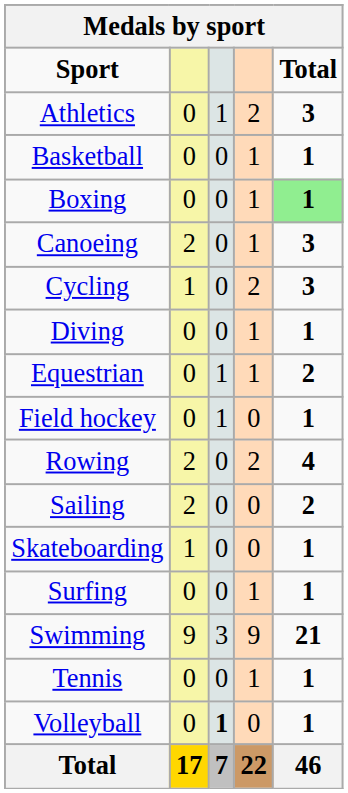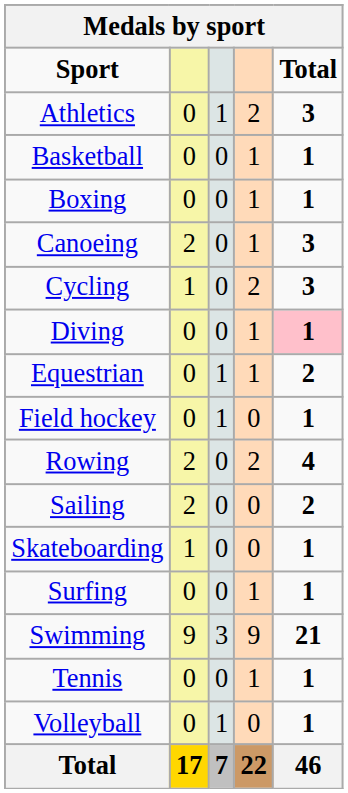 <table class="wikitable" style="font-size:85%">
 <tr style="background:#efefef;">
 <th colspan=7><strong>Medals by sport</strong></th>
 </tr>
 <tr align=center>
 <td><strong>Sport</strong></td>
 <td bgcolor=#f7f6a8></td>
 <td bgcolor=#dce5e5></td>
 <td bgcolor=#ffdab9></td>
 <td><strong>Total</strong></td>
 </tr>
 <tr align=center>
 <td><a href='#'>Athletics</a></td>
 <td style="background:#F7F6A8;">0</td>
 <td style="background:#DCE5E5;">1</td>
 <td style="background:#FFDAB9;">2</td>
 <td><strong>3</strong></td>
 </tr>
 <tr align=center>
 <td><a href='#'>Basketball</a></td>
 <td style="background:#F7F6A8;">0</td>
 <td style="background:#DCE5E5;">0</td>
 <td style="background:#FFDAB9;">1</td>
 <td><strong>1</strong></td>
 </tr>
 <tr align=center>
 <td><a href='#'>Boxing</a></td>
 <td style="background:#F7F6A8;">0</td>
 <td style="background:#DCE5E5;">0</td>
 <td style="background:#FFDAB9;">1</td>
-<td style="background: lightgreen;"><strong>1</strong></td>
+<td><strong>1</strong></td>
 </tr>
 <tr align=center>
 <td><a href='#'>Canoeing</a></td>
 <td style="background:#F7F6A8;">2</td>
 <td style="background:#DCE5E5;">0</td>
 <td style="background:#FFDAB9;">1</td>
 <td><strong>3</strong></td>
 </tr>
 <tr align=center>
 <td><a href='#'>Cycling</a></td>
 <td style="background:#F7F6A8;">1</td>
 <td style="background:#DCE5E5;">0</td>
 <td style="background:#FFDAB9;">2</td>
 <td><strong>3</strong></td>
 </tr>
 <tr align=center>
 <td><a href='#'>Diving</a></td>
 <td style="background:#F7F6A8;">0</td>
 <td style="background:#DCE5E5;">0</td>
 <td style="background:#FFDAB9;">1</td>
-<td><strong>1</strong></td>
+<td style="background: pink;"><strong>1</strong></td>
 </tr>
 <tr align=center>
 <td><a href='#'>Equestrian</a></td>
 <td style="background:#F7F6A8;">0</td>
 <td style="background:#DCE5E5;">1</td>
 <td style="background:#FFDAB9;">1</td>
 <td><strong>2</strong></td>
 </tr>
 <tr align=center>
 <td><a href='#'>Field hockey</a></td>
 <td style="background:#F7F6A8;">0</td>
 <td style="background:#DCE5E5;">1</td>
 <td style="background:#FFDAB9;">0</td>
 <td><strong>1</strong></td>
 </tr>
 <tr align=center>
 <td><a href='#'>Rowing</a></td>
 <td style="background:#F7F6A8;">2</td>
 <td style="background:#DCE5E5;">0</td>
 <td style="background:#FFDAB9;">2</td>
 <td><strong>4</strong></td>
 </tr>
 <tr align=center>
 <td><a href='#'>Sailing</a></td>
 <td style="background:#F7F6A8;">2</td>
 <td style="background:#DCE5E5;">0</td>
 <td style="background:#FFDAB9;">0</td>
 <td><strong>2</strong></td>
 </tr>
 <tr align=center>
 <td><a href='#'>Skateboarding</a></td>
 <td style="background:#F7F6A8;">1</td>
 <td style="background:#DCE5E5;">0</td>
 <td style="background:#FFDAB9;">0</td>
 <td><strong>1</strong></td>
 </tr>
 <tr align=center>
 <td><a href='#'>Surfing</a></td>
 <td style="background:#F7F6A8;">0</td>
 <td style="background:#DCE5E5;">0</td>
 <td style="background:#FFDAB9;">1</td>
 <td><strong>1</strong></td>
 </tr>
 <tr align=center>
 <td><a href='#'>Swimming</a></td>
 <td style="background:#F7F6A8;">9</td>
 <td style="background:#DCE5E5;">3</td>
 <td style="background:#FFDAB9;">9</td>
 <td><strong>21</strong></td>
 </tr>
 <tr align=center>
 <td><a href='#'>Tennis</a></td>
 <td style="background:#F7F6A8;">0</td>
 <td style="background:#DCE5E5;">0</td>
 <td style="background:#FFDAB9;">1</td>
 <td><strong>1</strong></td>
 </tr>
 <tr align=center>
 <td><a href='#'>Volleyball</a></td>
 <td style="background:#F7F6A8;">0</td>
-<td style="background:#DCE5E5;"><strong>1</strong></td>
+<td style="background:#DCE5E5;">1</td>
 <td style="background:#FFDAB9;">0</td>
 <td><strong>1</strong></td>
 </tr>
 <tr align=center>
 <th><strong>Total</strong></th>
 <th style="background:gold;"><strong>17</strong></th>
 <th style="background:silver;"><strong>7</strong></th>
 <th style="background:#c96;"><strong>22</strong></th>
 <th><strong>46</strong></th>
 </tr>
 </table>
